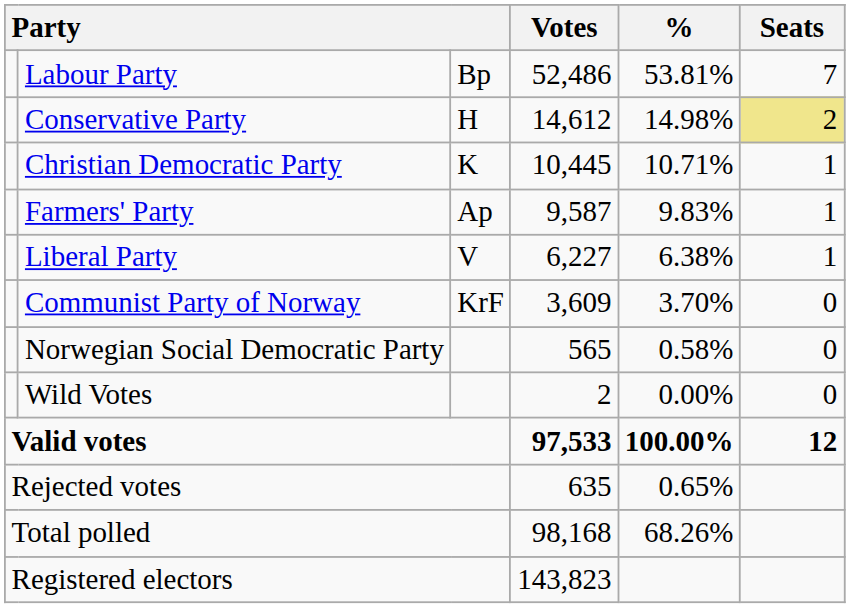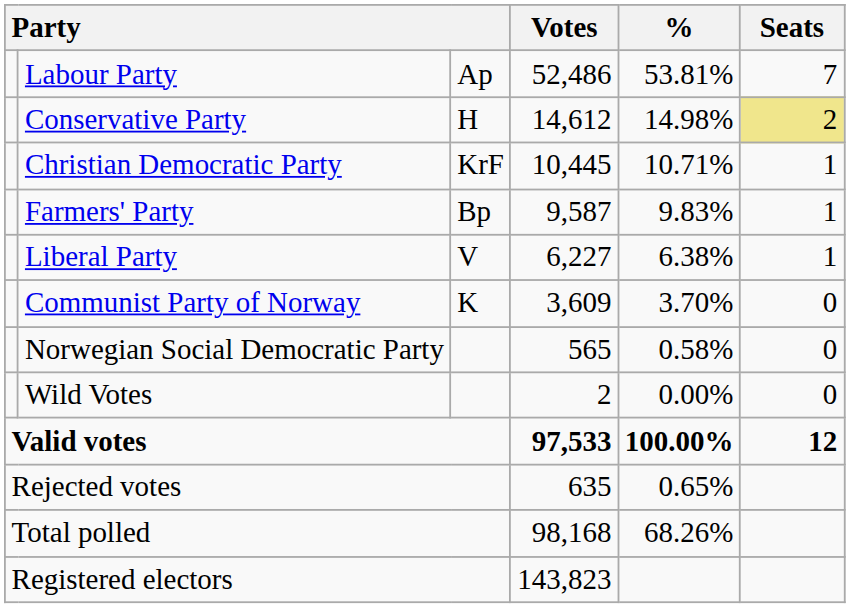 <table class="wikitable" border="1" style="text-align:right;">
 <tr>
 <th style="text-align:left;" colspan=3>Party</th>
 <th align=center width="50">Votes</th>
 <th align=center width="50">%</th>
 <th align=center width="50">Seats</th>
 </tr>
 <tr>
 <td style="color:inherit;background:"></td>
 <td align=left><a href='#'>Labour Party</a></td>
-<td align=left>Bp</td>
+<td align=left>Ap</td>
 <td>52,486</td>
 <td>53.81%</td>
 <td>7</td>
 </tr>
 <tr>
 <td style="color:inherit;background:"></td>
 <td align=left><a href='#'>Conservative Party</a></td>
 <td align=left>H</td>
 <td>14,612</td>
 <td>14.98%</td>
 <td style="background: khaki;">2</td>
 </tr>
 <tr>
 <td style="color:inherit;background:"></td>
 <td align=left><a href='#'>Christian Democratic Party</a></td>
-<td align=left>K</td>
+<td align=left>KrF</td>
 <td>10,445</td>
 <td>10.71%</td>
 <td>1</td>
 </tr>
 <tr>
 <td style="color:inherit;background:"></td>
 <td align=left><a href='#'>Farmers' Party</a></td>
-<td align=left>Ap</td>
+<td align=left>Bp</td>
 <td>9,587</td>
 <td>9.83%</td>
 <td>1</td>
 </tr>
 <tr>
 <td style="color:inherit;background:"></td>
 <td align=left><a href='#'>Liberal Party</a></td>
 <td align=left>V</td>
 <td>6,227</td>
 <td>6.38%</td>
 <td>1</td>
 </tr>
 <tr>
 <td style="color:inherit;background:"></td>
 <td align=left><a href='#'>Communist Party of Norway</a></td>
-<td align=left>KrF</td>
+<td align=left>K</td>
 <td>3,609</td>
 <td>3.70%</td>
 <td>0</td>
 </tr>
 <tr>
 <td></td>
 <td align=left>Norwegian Social Democratic Party</td>
 <td align=left></td>
 <td>565</td>
 <td>0.58%</td>
 <td>0</td>
 </tr>
 <tr>
 <td></td>
 <td align=left>Wild Votes</td>
 <td align=left></td>
 <td>2</td>
 <td>0.00%</td>
 <td>0</td>
 </tr>
 <tr style="font-weight:bold">
 <td align=left colspan=3>Valid votes</td>
 <td>97,533</td>
 <td>100.00%</td>
 <td>12</td>
 </tr>
 <tr>
 <td align=left colspan=3>Rejected votes</td>
 <td>635</td>
 <td>0.65%</td>
 <td></td>
 </tr>
 <tr>
 <td align=left colspan=3>Total polled</td>
 <td>98,168</td>
 <td>68.26%</td>
 <td></td>
 </tr>
 <tr>
 <td align=left colspan=3>Registered electors</td>
 <td>143,823</td>
 <td></td>
 <td></td>
 </tr>
 </table>
